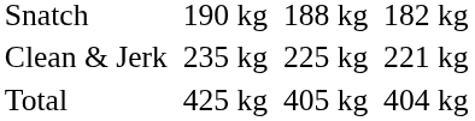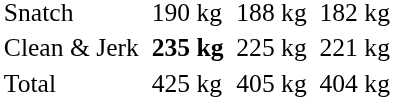 <table>
 <tr>
 <td>Snatch</td>
 <td></td>
 <td>190 kg</td>
 <td></td>
 <td>188 kg</td>
 <td></td>
 <td>182 kg</td>
 </tr>
 <tr>
 <td>Clean & Jerk</td>
 <td></td>
-<td>235 kg</td>
+<td><strong>235 kg</strong></td>
 <td></td>
 <td>225 kg</td>
 <td></td>
 <td>221 kg</td>
 </tr>
 <tr>
 <td>Total</td>
 <td></td>
 <td>425 kg</td>
 <td></td>
 <td>405 kg</td>
 <td></td>
 <td>404 kg</td>
 </tr>
 </table>
